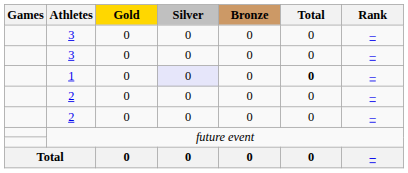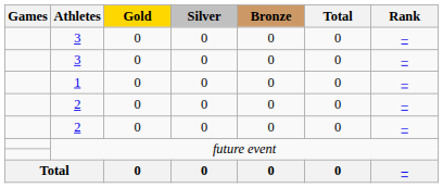 <table class="wikitable" style="text-align:center; font-size:90%;">
 <tr>
 <th>Games</th>
 <th>Athletes</th>
 <td style="background:gold; width:4.5em; font-weight:bold;">Gold</td>
 <td style="background:silver; width:4.5em; font-weight:bold;">Silver</td>
 <td style="background:#cc9966; width:4.5em; font-weight:bold;">Bronze</td>
 <th style="width:4.5em; font-weight:bold;">Total</th>
 <th style="width:4.5em; font-weight:bold;">Rank</th>
 </tr>
 <tr>
 <td align=left></td>
 <td><a href='#'>3</a></td>
 <td>0</td>
 <td>0</td>
 <td>0</td>
 <td>0</td>
 <td><a href='#'>–</a></td>
 </tr>
 <tr>
 <td align=left></td>
 <td><a href='#'>3</a></td>
 <td>0</td>
 <td>0</td>
 <td>0</td>
 <td>0</td>
 <td><a href='#'>–</a></td>
 </tr>
 <tr>
 <td align=left></td>
 <td><a href='#'>1</a></td>
 <td>0</td>
-<td style="background: lavender;">0</td>
 <td>0</td>
-<td><strong>0</strong></td>
+<td>0</td>
+<td>0</td>
 <td><a href='#'>–</a></td>
 </tr>
 <tr>
 <td align=left></td>
 <td><a href='#'>2</a></td>
 <td>0</td>
 <td>0</td>
 <td>0</td>
 <td>0</td>
 <td><a href='#'>–</a></td>
 </tr>
 <tr>
 <td align=left></td>
 <td><a href='#'>2</a></td>
 <td>0</td>
 <td>0</td>
 <td>0</td>
 <td>0</td>
 <td><a href='#'>–</a></td>
 </tr>
 <tr>
 <td align=left></td>
 <td colspan=6; rowspan=2><em>future event</em></td>
 </tr>
 <tr>
 <td align=left></td>
 </tr>
 <tr>
 <th colspan=2>Total</th>
 <th>0</th>
 <th>0</th>
 <th>0</th>
 <th>0</th>
 <th><a href='#'>–</a></th>
 </tr>
 </table>
